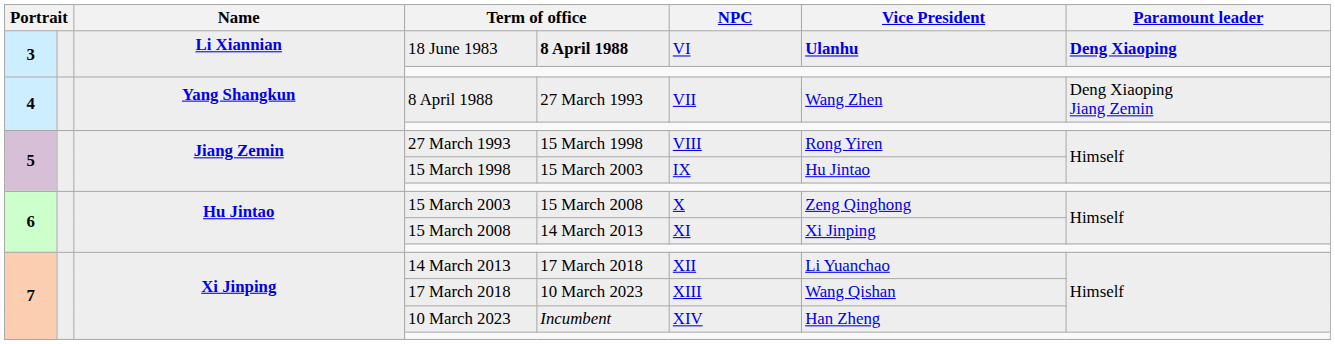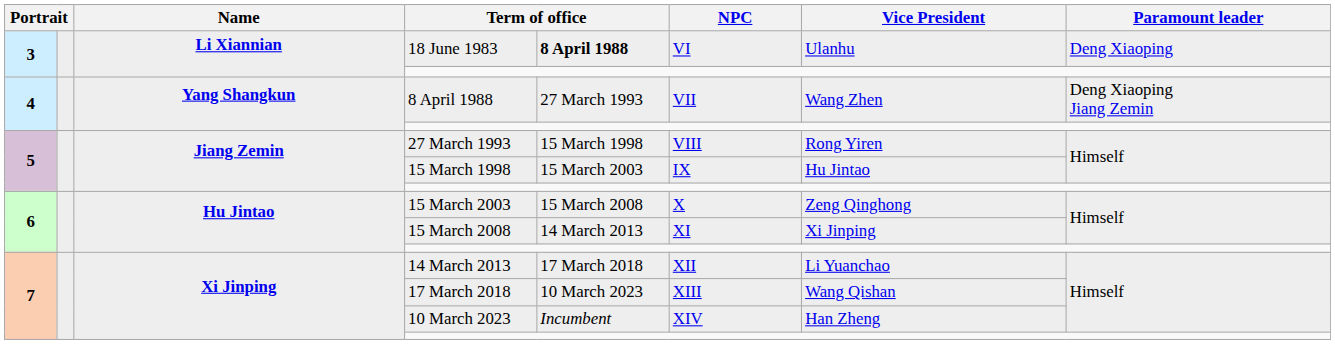 <table class="wikitable" width=100%>
 <tr>
 <th colspan="2" width=5%>Portrait</th>
 <th width=25%>Name<br></th>
 <th colspan="2" width=30%>Term of office</th>
 <th width=10%><a href='#'>NPC</a></th>
 <th width=20%><a href='#'>Vice President</a></th>
 <th width=20%><a href='#'>Paramount leader</a></th>
 </tr>
 <tr bgcolor=#EEEEEE>
 <th rowspan="2" style="background-color: #CCEEFF" width=20>3</th>
 <td rowspan="2"></td>
 <td rowspan="2" align="center"><strong><a href='#'>Li Xiannian</a></strong><br><br></td>
 <td width=10%>18 June 1983</td>
 <td width=10%><strong>8 April 1988</strong></td>
 <td><a href='#'>VI</a></td>
-<td><strong><a href='#'>Ulanhu</a></strong></td>
-<td><strong><a href='#'>Deng Xiaoping</a></strong></td>
+<td><a href='#'>Ulanhu</a></td>
+<td><a href='#'>Deng Xiaoping</a></td>
 </tr>
 <tr>
 <td colspan="5"></td>
 </tr>
 <tr bgcolor=#EEEEEE>
 <th rowspan="2" style="background-color: #CCEEFF">4</th>
 <td rowspan="2"></td>
 <td rowspan="2" align="center"><strong><a href='#'>Yang Shangkun</a></strong><br><br></td>
 <td width=10%>8 April 1988</td>
 <td width=10%>27 March 1993</td>
 <td><a href='#'>VII</a></td>
 <td><a href='#'>Wang Zhen</a></td>
 <td>Deng Xiaoping<br><a href='#'>Jiang Zemin</a></td>
 </tr>
 <tr>
 <td colspan="5"></td>
 </tr>
 <tr bgcolor=#EEEEEE>
 <th rowspan="3" style="background-color: #D8BFD8">5</th>
 <td rowspan="3"></td>
 <td rowspan="3" align="center"><strong><a href='#'>Jiang Zemin</a></strong><br><br></td>
 <td width=10%>27 March 1993</td>
 <td width=10%>15 March 1998</td>
 <td><a href='#'>VIII</a></td>
 <td><a href='#'>Rong Yiren</a></td>
 <td rowspan="2">Himself</td>
 </tr>
 <tr bgcolor=#EEEEEE>
 <td width=10%>15 March 1998</td>
 <td width=10%>15 March 2003</td>
 <td><a href='#'>IX</a></td>
 <td><a href='#'>Hu Jintao</a></td>
 </tr>
 <tr>
 <td colspan="5"></td>
 </tr>
 <tr bgcolor=#EEEEEE>
 <th rowspan="3" style="background-color: #CCFFCC">6</th>
 <td rowspan="3"></td>
 <td rowspan="3" align="center"><strong><a href='#'>Hu Jintao</a></strong><br><br></td>
 <td width=10%>15 March 2003</td>
 <td width=10%>15 March 2008</td>
 <td><a href='#'>X</a></td>
 <td><a href='#'>Zeng Qinghong</a></td>
 <td rowspan="2">Himself</td>
 </tr>
 <tr bgcolor=#EEEEEE>
 <td width=10%>15 March 2008</td>
 <td width=10%>14 March 2013</td>
 <td><a href='#'>XI</a></td>
 <td><a href='#'>Xi Jinping</a></td>
 </tr>
 <tr>
 <td colspan="5"></td>
 </tr>
 <tr bgcolor=#EEEEEE>
 <th rowspan="4" style="background-color: #FBCEB1" width=20>7</th>
 <td rowspan="4"></td>
 <td rowspan="4" align="center"><strong><a href='#'>Xi Jinping</a></strong><br><br></td>
 <td width=10%>14 March 2013</td>
 <td width=10%>17 March 2018</td>
 <td><a href='#'>XII</a></td>
 <td><a href='#'>Li Yuanchao</a></td>
 <td rowspan="3">Himself</td>
 </tr>
 <tr bgcolor=#EEEEEE>
 <td width=10%>17 March 2018</td>
 <td width=10%>10 March 2023</td>
 <td><a href='#'>XIII</a></td>
 <td><a href='#'>Wang Qishan</a></td>
 </tr>
 <tr bgcolor=#EEEEEE>
 <td width=10%>10 March 2023</td>
 <td width=10%><em>Incumbent</em></td>
 <td><a href='#'>XIV</a></td>
 <td><a href='#'>Han Zheng</a></td>
 </tr>
 <tr>
 <td colspan="5"></td>
 </tr>
 </table>
